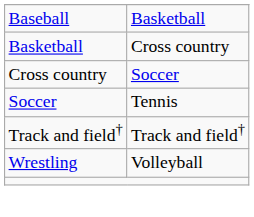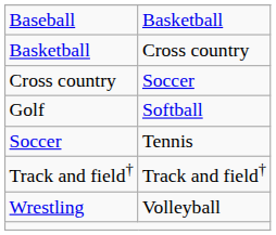 <table class="wikitable" style=" ">
 <tr>
 </tr>
 <tr>
 <td><a href='#'>Baseball</a></td>
 <td><a href='#'>Basketball</a></td>
 </tr>
 <tr>
 <td><a href='#'>Basketball</a></td>
 <td>Cross country</td>
 </tr>
 <tr>
 <td>Cross country</td>
 <td><a href='#'>Soccer</a></td>
+</tr>
+<tr>
+<td>Golf</td>
+<td><a href='#'>Softball</a></td>
 </tr>
 <tr>
 <td><a href='#'>Soccer</a></td>
 <td>Tennis</td>
 </tr>
 <tr>
 <td>Track and field<sup>†</sup></td>
 <td>Track and field<sup>†</sup></td>
 </tr>
 <tr>
 <td><a href='#'>Wrestling</a></td>
 <td>Volleyball</td>
 </tr>
 <tr>
 <td colspan="2"></td>
 </tr>
 </table>
